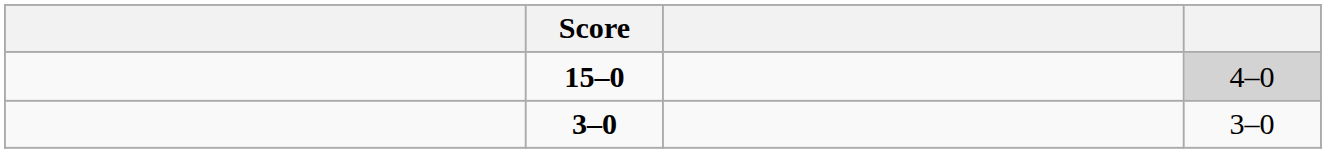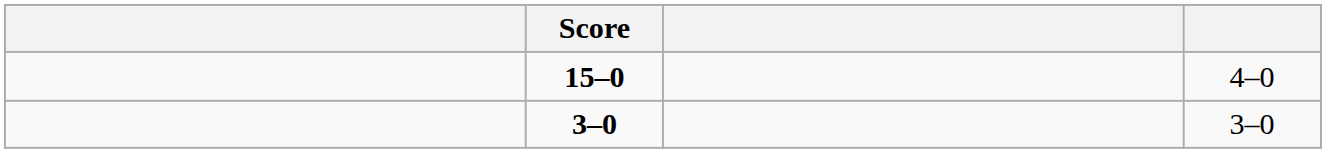 <table class="wikitable" style="text-align: center; ">
 <tr>
 <th align="right" width="270"></th>
 <th width="65">Score</th>
 <th align="left" width="270"></th>
 <th width="65"></th>
 </tr>
 <tr>
 <td align="left"><strong></strong></td>
 <td><strong>15–0</strong></td>
 <td align="left"></td>
-<td style="background: lightgrey;">4–0 <strong></strong></td>
+<td>4–0 <strong></strong></td>
 </tr>
 <tr>
 <td align="left"><strong></strong></td>
 <td><strong>3–0</strong></td>
 <td align="left"></td>
 <td>3–0 <strong></strong></td>
 </tr>
 </table>
